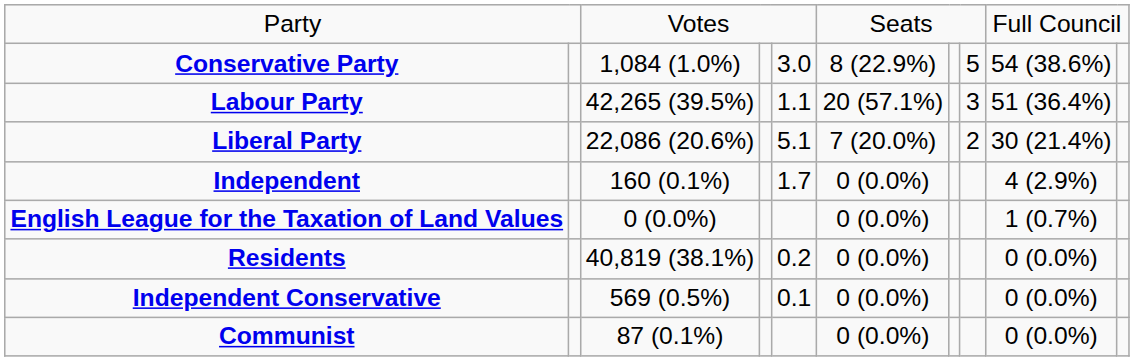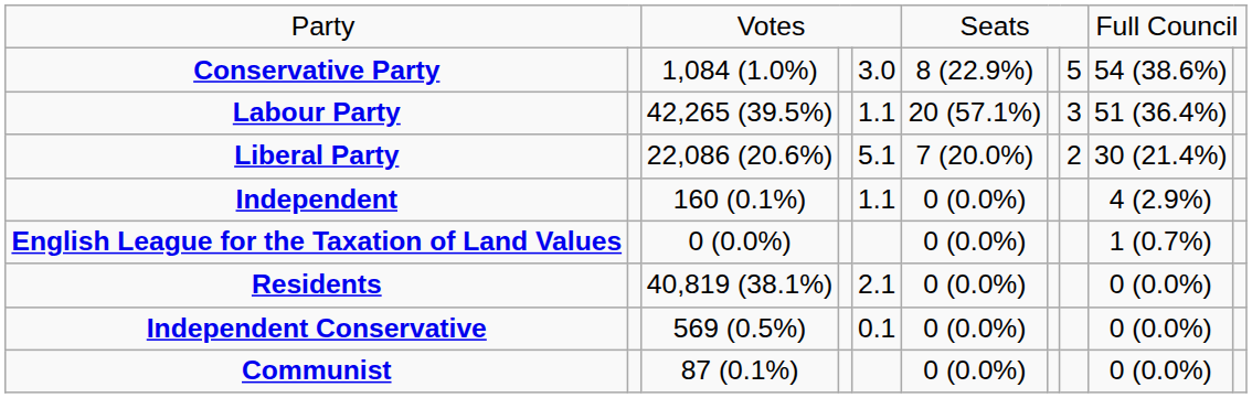 <table class=wikitable style="text-align:center;">
 <tr>
 <td colspan=2>Party</td>
 <td colspan=3>Votes</td>
 <td colspan=3>Seats</td>
 <td colspan=3>Full Council</td>
 </tr>
 <tr>
 <td><strong><a href='#'>Conservative Party</a></strong></td>
 <td style="background:"></td>
 <td>1,084 (1.0%)</td>
 <td></td>
 <td> 3.0</td>
 <td>8 (22.9%)</td>
 <td></td>
 <td> 5</td>
 <td>54 (38.6%)</td>
 <td></td>
 </tr>
 <tr>
 <td><strong><a href='#'>Labour Party</a></strong></td>
 <td style="background:"></td>
 <td>42,265 (39.5%)</td>
 <td></td>
 <td> 1.1</td>
 <td>20 (57.1%)</td>
 <td></td>
 <td> 3</td>
 <td>51 (36.4%)</td>
 <td></td>
 </tr>
 <tr>
 <td><strong><a href='#'>Liberal Party</a></strong></td>
 <td style="background:"></td>
 <td>22,086 (20.6%)</td>
 <td></td>
 <td> 5.1</td>
 <td>7 (20.0%)</td>
 <td></td>
 <td> 2</td>
 <td>30 (21.4%)</td>
 <td></td>
 </tr>
 <tr>
 <td><strong><a href='#'>Independent</a></strong></td>
 <td style="background:"></td>
 <td>160 (0.1%)</td>
 <td></td>
-<td> 1.7</td>
+<td> 1.1</td>
 <td>0 (0.0%)</td>
 <td></td>
 <td></td>
 <td>4 (2.9%)</td>
 <td></td>
 </tr>
 <tr>
 <td><strong><a href='#'>English League for the Taxation of Land Values</a></strong></td>
 <td style="background:"></td>
 <td>0 (0.0%)</td>
 <td></td>
 <td></td>
 <td>0 (0.0%)</td>
 <td></td>
 <td></td>
 <td>1 (0.7%)</td>
 <td></td>
 </tr>
 <tr>
 <td><strong><a href='#'>Residents</a></strong></td>
 <td style="background:"></td>
 <td>40,819 (38.1%)</td>
 <td></td>
-<td> 0.2</td>
+<td> 2.1</td>
 <td>0 (0.0%)</td>
 <td></td>
 <td></td>
 <td>0 (0.0%)</td>
 <td></td>
 </tr>
 <tr>
 <td><strong><a href='#'>Independent Conservative</a></strong></td>
 <td style="background:"></td>
 <td>569 (0.5%)</td>
 <td></td>
 <td> 0.1</td>
 <td>0 (0.0%)</td>
 <td></td>
 <td></td>
 <td>0 (0.0%)</td>
 <td></td>
 </tr>
 <tr>
 <td><strong><a href='#'>Communist</a></strong></td>
 <td style="background:"></td>
 <td>87 (0.1%)</td>
 <td></td>
 <td></td>
 <td>0 (0.0%)</td>
 <td></td>
 <td></td>
 <td>0 (0.0%)</td>
 <td></td>
 </tr>
 </table>
